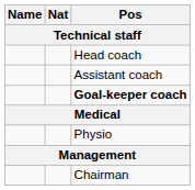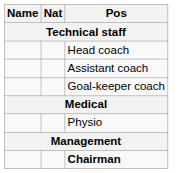 <table class="wikitable ve-ce-branchNode ve-ce-tableNode">
 <tr>
 <th>Name</th>
 <th>Nat</th>
 <th>Pos</th>
 </tr>
 <tr>
 <th colspan="4">Technical staff</th>
 </tr>
 <tr>
 <td></td>
 <td></td>
 <td>Head coach</td>
 </tr>
 <tr>
 <td></td>
 <td></td>
 <td>Assistant coach</td>
 </tr>
 <tr>
 <td></td>
 <td></td>
-<td><strong>Goal-keeper coach</strong></td>
+<td>Goal-keeper coach</td>
 </tr>
 <tr>
 <th colspan="4">Medical</th>
 </tr>
 <tr>
 <td></td>
 <td></td>
 <td>Physio</td>
 </tr>
 <tr>
 <th colspan="4">Management</th>
 </tr>
 <tr>
 <td></td>
 <td></td>
-<td>Chairman</td>
+<td><strong>Chairman</strong></td>
 </tr>
 </table>
